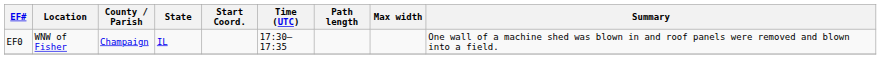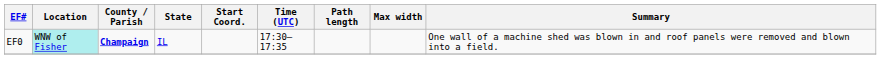 <table class="wikitable sortable" style="width:100%;">
 <tr>
 <th scope="col"  style="width:3%; text-align:center;"><a href='#'>EF#</a></th>
 <th scope="col"  style="width:7%; text-align:center;" class="unsortable">Location</th>
 <th scope="col"  style="width:6%; text-align:center;" class="unsortable">County / Parish</th>
 <th scope="col"  style="width:5%; text-align:center;">State</th>
 <th scope="col"  style="width:6%; text-align:center;">Start Coord.</th>
 <th scope="col"  style="width:6%; text-align:center;">Time (<a href='#'>UTC</a>)</th>
 <th scope="col"  style="width:6%; text-align:center;">Path length</th>
 <th scope="col"  style="width:6%; text-align:center;">Max width</th>
 <th scope="col" class="unsortable" style="width:48%; text-align:center;">Summary</th>
 </tr>
 <tr>
 <td>EF0</td>
-<td>WNW of <a href='#'>Fisher</a></td>
-<td><a href='#'>Champaign</a></td>
+<td style="background: paleturquoise;">WNW of <a href='#'>Fisher</a></td>
+<td><strong><a href='#'>Champaign</a></strong></td>
 <td><a href='#'>IL</a></td>
 <td></td>
 <td>17:30–17:35</td>
 <td></td>
 <td></td>
 <td>One wall of a machine shed was blown in and roof panels were removed and blown into a field.</td>
 </tr>
 <tr>
 </tr>
 </table>
